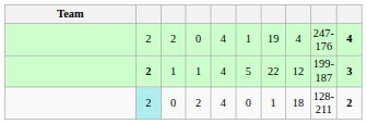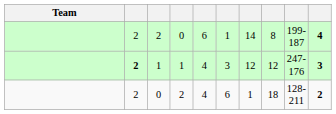 <table class="wikitable" style="text-align: center; font-size:90% ">
 <tr>
 <th width=160>Team</th>
 <th width=25></th>
 <th width=25></th>
 <th width=25></th>
 <th width=25></th>
 <th width=25></th>
 <th width=25></th>
 <th width=25></th>
 <th width=25></th>
 <th width=25></th>
 </tr>
 <tr bgcolor="ccffcc">
 <td align=left></td>
 <td>2</td>
 <td>2</td>
 <td>0</td>
-<td>4</td>
+<td>6</td>
 <td>1</td>
-<td>19</td>
-<td>4</td>
-<td>247-176</td>
+<td>14</td>
+<td>8</td>
+<td>199-187</td>
 <td><strong>4</strong></td>
 </tr>
 <tr bgcolor="ccffcc">
 <td align=left></td>
 <td><strong>2</strong></td>
 <td>1</td>
 <td>1</td>
 <td>4</td>
-<td>5</td>
-<td>22</td>
+<td>3</td>
 <td>12</td>
-<td>199-187</td>
+<td>12</td>
+<td>247-176</td>
 <td><strong>3</strong></td>
 </tr>
 <tr>
 <td align=left></td>
-<td style="background: paleturquoise;">2</td>
+<td>2</td>
 <td>0</td>
 <td>2</td>
 <td>4</td>
-<td>0</td>
+<td>6</td>
 <td>1</td>
 <td>18</td>
 <td>128-211</td>
 <td><strong>2</strong></td>
 </tr>
 </table>
